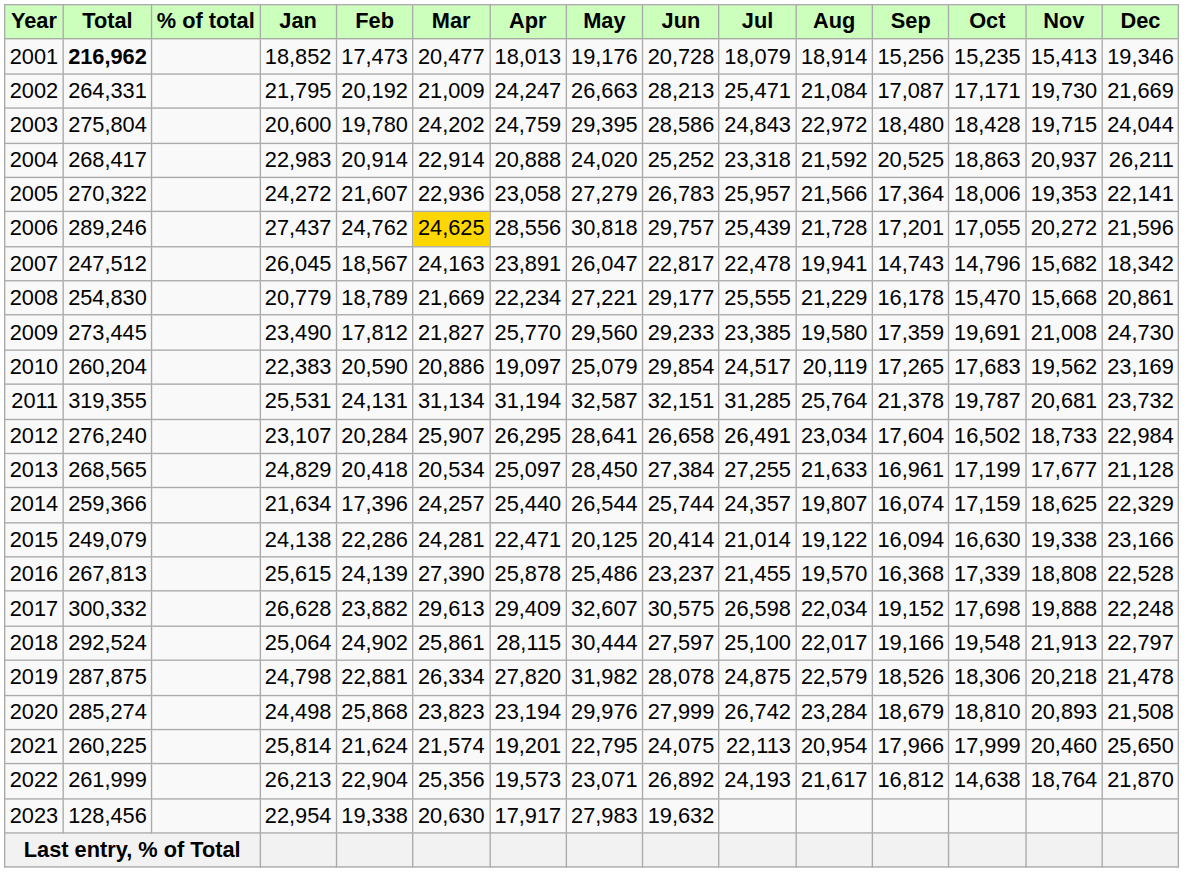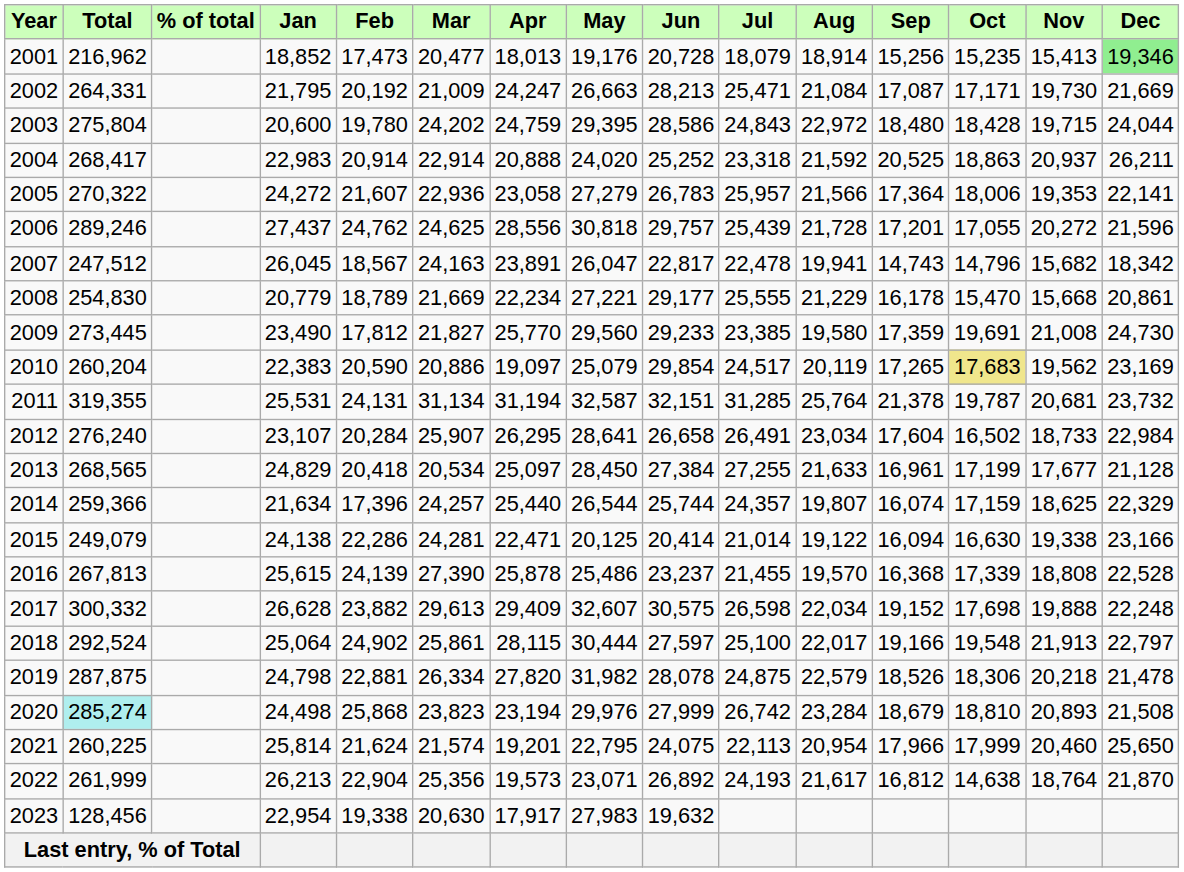 <table class="wikitable" style="text-align:right;">
 <tr>
 <th style="background:#cfb;">Year</th>
 <th style="background:#cfb;">Total</th>
 <th style="background:#cfb;">% of total</th>
 <th style="background:#cfb;">Jan</th>
 <th style="background:#cfb;">Feb</th>
 <th style="background:#cfb;">Mar</th>
 <th style="background:#cfb;">Apr</th>
 <th style="background:#cfb;">May</th>
 <th style="background:#cfb;">Jun</th>
 <th style="background:#cfb;">Jul</th>
 <th style="background:#cfb;">Aug</th>
 <th style="background:#cfb;">Sep</th>
 <th style="background:#cfb;">Oct</th>
 <th style="background:#cfb;">Nov</th>
 <th style="background:#cfb;">Dec</th>
 </tr>
 <tr>
 <td>2001</td>
-<td><strong>216,962</strong></td>
+<td>216,962</td>
 <td></td>
 <td>18,852</td>
 <td>17,473</td>
 <td>20,477</td>
 <td>18,013</td>
 <td>19,176</td>
 <td>20,728</td>
 <td>18,079</td>
 <td>18,914</td>
 <td>15,256</td>
 <td>15,235</td>
 <td>15,413</td>
-<td>19,346</td>
+<td style="background: lightgreen;">19,346</td>
 </tr>
 <tr>
 <td>2002</td>
 <td>264,331</td>
 <td></td>
 <td>21,795</td>
 <td>20,192</td>
 <td>21,009</td>
 <td>24,247</td>
 <td>26,663</td>
 <td>28,213</td>
 <td>25,471</td>
 <td>21,084</td>
 <td>17,087</td>
 <td>17,171</td>
 <td>19,730</td>
 <td>21,669</td>
 </tr>
 <tr>
 <td>2003</td>
 <td>275,804</td>
 <td></td>
 <td>20,600</td>
 <td>19,780</td>
 <td>24,202</td>
 <td>24,759</td>
 <td>29,395</td>
 <td>28,586</td>
 <td>24,843</td>
 <td>22,972</td>
 <td>18,480</td>
 <td>18,428</td>
 <td>19,715</td>
 <td>24,044</td>
 </tr>
 <tr>
 <td>2004</td>
 <td>268,417</td>
 <td></td>
 <td>22,983</td>
 <td>20,914</td>
 <td>22,914</td>
 <td>20,888</td>
 <td>24,020</td>
 <td>25,252</td>
 <td>23,318</td>
 <td>21,592</td>
 <td>20,525</td>
 <td>18,863</td>
 <td>20,937</td>
 <td>26,211</td>
 </tr>
 <tr>
 <td>2005</td>
 <td>270,322</td>
 <td></td>
 <td>24,272</td>
 <td>21,607</td>
 <td>22,936</td>
 <td>23,058</td>
 <td>27,279</td>
 <td>26,783</td>
 <td>25,957</td>
 <td>21,566</td>
 <td>17,364</td>
 <td>18,006</td>
 <td>19,353</td>
 <td>22,141</td>
 </tr>
 <tr>
 <td>2006</td>
 <td>289,246</td>
 <td></td>
 <td>27,437</td>
 <td>24,762</td>
-<td style="background: gold;">24,625</td>
+<td>24,625</td>
 <td>28,556</td>
 <td>30,818</td>
 <td>29,757</td>
 <td>25,439</td>
 <td>21,728</td>
 <td>17,201</td>
 <td>17,055</td>
 <td>20,272</td>
 <td>21,596</td>
 </tr>
 <tr>
 <td>2007</td>
 <td>247,512</td>
 <td></td>
 <td>26,045</td>
 <td>18,567</td>
 <td>24,163</td>
 <td>23,891</td>
 <td>26,047</td>
 <td>22,817</td>
 <td>22,478</td>
 <td>19,941</td>
 <td>14,743</td>
 <td>14,796</td>
 <td>15,682</td>
 <td>18,342</td>
 </tr>
 <tr>
 <td>2008</td>
 <td>254,830</td>
 <td></td>
 <td>20,779</td>
 <td>18,789</td>
 <td>21,669</td>
 <td>22,234</td>
 <td>27,221</td>
 <td>29,177</td>
 <td>25,555</td>
 <td>21,229</td>
 <td>16,178</td>
 <td>15,470</td>
 <td>15,668</td>
 <td>20,861</td>
 </tr>
 <tr>
 <td>2009</td>
 <td>273,445</td>
 <td></td>
 <td>23,490</td>
 <td>17,812</td>
 <td>21,827</td>
 <td>25,770</td>
 <td>29,560</td>
 <td>29,233</td>
 <td>23,385</td>
 <td>19,580</td>
 <td>17,359</td>
 <td>19,691</td>
 <td>21,008</td>
 <td>24,730</td>
 </tr>
 <tr>
 <td>2010</td>
 <td>260,204</td>
 <td></td>
 <td>22,383</td>
 <td>20,590</td>
 <td>20,886</td>
 <td>19,097</td>
 <td>25,079</td>
 <td>29,854</td>
 <td>24,517</td>
 <td>20,119</td>
 <td>17,265</td>
-<td>17,683</td>
+<td style="background: khaki;">17,683</td>
 <td>19,562</td>
 <td>23,169</td>
 </tr>
 <tr>
 <td>2011</td>
 <td>319,355</td>
 <td></td>
 <td>25,531</td>
 <td>24,131</td>
 <td>31,134</td>
 <td>31,194</td>
 <td>32,587</td>
 <td>32,151</td>
 <td>31,285</td>
 <td>25,764</td>
 <td>21,378</td>
 <td>19,787</td>
 <td>20,681</td>
 <td>23,732</td>
 </tr>
 <tr>
 <td>2012</td>
 <td>276,240</td>
 <td></td>
 <td>23,107</td>
 <td>20,284</td>
 <td>25,907</td>
 <td>26,295</td>
 <td>28,641</td>
 <td>26,658</td>
 <td>26,491</td>
 <td>23,034</td>
 <td>17,604</td>
 <td>16,502</td>
 <td>18,733</td>
 <td>22,984</td>
 </tr>
 <tr>
 <td>2013</td>
 <td>268,565</td>
 <td></td>
 <td>24,829</td>
 <td>20,418</td>
 <td>20,534</td>
 <td>25,097</td>
 <td>28,450</td>
 <td>27,384</td>
 <td>27,255</td>
 <td>21,633</td>
 <td>16,961</td>
 <td>17,199</td>
 <td>17,677</td>
 <td>21,128</td>
 </tr>
 <tr>
 <td>2014</td>
 <td>259,366</td>
 <td></td>
 <td>21,634</td>
 <td>17,396</td>
 <td>24,257</td>
 <td>25,440</td>
 <td>26,544</td>
 <td>25,744</td>
 <td>24,357</td>
 <td>19,807</td>
 <td>16,074</td>
 <td>17,159</td>
 <td>18,625</td>
 <td>22,329</td>
 </tr>
 <tr>
 <td>2015</td>
 <td>249,079</td>
 <td></td>
 <td>24,138</td>
 <td>22,286</td>
 <td>24,281</td>
 <td>22,471</td>
 <td>20,125</td>
 <td>20,414</td>
 <td>21,014</td>
 <td>19,122</td>
 <td>16,094</td>
 <td>16,630</td>
 <td>19,338</td>
 <td>23,166</td>
 </tr>
 <tr>
 <td>2016</td>
 <td>267,813</td>
 <td></td>
 <td>25,615</td>
 <td>24,139</td>
 <td>27,390</td>
 <td>25,878</td>
 <td>25,486</td>
 <td>23,237</td>
 <td>21,455</td>
 <td>19,570</td>
 <td>16,368</td>
 <td>17,339</td>
 <td>18,808</td>
 <td>22,528</td>
 </tr>
 <tr>
 <td>2017</td>
 <td>300,332</td>
 <td></td>
 <td>26,628</td>
 <td>23,882</td>
 <td>29,613</td>
 <td>29,409</td>
 <td>32,607</td>
 <td>30,575</td>
 <td>26,598</td>
 <td>22,034</td>
 <td>19,152</td>
 <td>17,698</td>
 <td>19,888</td>
 <td>22,248</td>
 </tr>
 <tr>
 <td>2018</td>
 <td>292,524</td>
 <td></td>
 <td>25,064</td>
 <td>24,902</td>
 <td>25,861</td>
 <td>28,115</td>
 <td>30,444</td>
 <td>27,597</td>
 <td>25,100</td>
 <td>22,017</td>
 <td>19,166</td>
 <td>19,548</td>
 <td>21,913</td>
 <td>22,797</td>
 </tr>
 <tr>
 <td>2019</td>
 <td>287,875</td>
 <td></td>
 <td>24,798</td>
 <td>22,881</td>
 <td>26,334</td>
 <td>27,820</td>
 <td>31,982</td>
 <td>28,078</td>
 <td>24,875</td>
 <td>22,579</td>
 <td>18,526</td>
 <td>18,306</td>
 <td>20,218</td>
 <td>21,478</td>
 </tr>
 <tr>
 <td>2020</td>
-<td>285,274</td>
+<td style="background: paleturquoise;">285,274</td>
 <td></td>
 <td>24,498</td>
 <td>25,868</td>
 <td>23,823</td>
 <td>23,194</td>
 <td>29,976</td>
 <td>27,999</td>
 <td>26,742</td>
 <td>23,284</td>
 <td>18,679</td>
 <td>18,810</td>
 <td>20,893</td>
 <td>21,508</td>
 </tr>
 <tr>
 <td>2021</td>
 <td>260,225</td>
 <td></td>
 <td>25,814</td>
 <td>21,624</td>
 <td>21,574</td>
 <td>19,201</td>
 <td>22,795</td>
 <td>24,075</td>
 <td>22,113</td>
 <td>20,954</td>
 <td>17,966</td>
 <td>17,999</td>
 <td>20,460</td>
 <td>25,650</td>
 </tr>
 <tr>
 <td>2022</td>
 <td>261,999</td>
 <td></td>
 <td>26,213</td>
 <td>22,904</td>
 <td>25,356</td>
 <td>19,573</td>
 <td>23,071</td>
 <td>26,892</td>
 <td>24,193</td>
 <td>21,617</td>
 <td>16,812</td>
 <td>14,638</td>
 <td>18,764</td>
 <td>21,870</td>
 </tr>
 <tr>
 <td>2023</td>
 <td>128,456</td>
 <td></td>
 <td>22,954</td>
 <td>19,338</td>
 <td>20,630</td>
 <td>17,917</td>
 <td>27,983</td>
 <td>19,632</td>
 <td></td>
 <td></td>
 <td></td>
 <td></td>
 <td></td>
 <td></td>
 </tr>
 <tr>
 <th colspan=3>Last entry, % of Total</th>
 <th></th>
 <th></th>
 <th></th>
 <th></th>
 <th></th>
 <th></th>
 <th></th>
 <th></th>
 <th></th>
 <th></th>
 <th></th>
 <th></th>
 </tr>
 </table>
